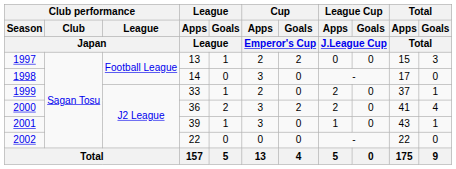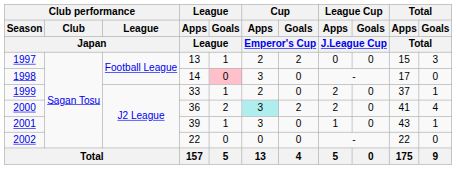 <table class="wikitable" style="text-align:center;">
 <tr>
 <th colspan=3>Club performance</th>
 <th colspan=2>League</th>
 <th colspan=2>Cup</th>
 <th colspan=2>League Cup</th>
 <th colspan=2>Total</th>
 </tr>
 <tr>
 <th>Season</th>
 <th>Club</th>
 <th>League</th>
 <th>Apps</th>
 <th>Goals</th>
 <th>Apps</th>
 <th>Goals</th>
 <th>Apps</th>
 <th>Goals</th>
 <th>Apps</th>
 <th>Goals</th>
 </tr>
 <tr>
 <th colspan=3>Japan</th>
 <th colspan=2>League</th>
 <th colspan=2><a href='#'>Emperor's Cup</a></th>
 <th colspan=2><a href='#'>J.League Cup</a></th>
 <th colspan=2>Total</th>
 </tr>
 <tr>
 <td><a href='#'>1997</a></td>
 <td rowspan="6"><a href='#'>Sagan Tosu</a></td>
 <td rowspan="2"><a href='#'>Football League</a></td>
 <td>13</td>
 <td>1</td>
 <td>2</td>
 <td>2</td>
 <td>0</td>
 <td>0</td>
 <td>15</td>
 <td>3</td>
 </tr>
 <tr>
 <td><a href='#'>1998</a></td>
 <td>14</td>
-<td>0</td>
+<td style="background: pink;">0</td>
 <td>3</td>
 <td>0</td>
 <td colspan="2">-</td>
 <td>17</td>
 <td>0</td>
 </tr>
 <tr>
 <td><a href='#'>1999</a></td>
 <td rowspan="4"><a href='#'>J2 League</a></td>
 <td>33</td>
 <td>1</td>
 <td>2</td>
 <td>0</td>
 <td>2</td>
 <td>0</td>
 <td>37</td>
 <td>1</td>
 </tr>
 <tr>
 <td><a href='#'>2000</a></td>
 <td>36</td>
 <td>2</td>
-<td>3</td>
+<td style="background: paleturquoise;">3</td>
 <td>2</td>
 <td>2</td>
 <td>0</td>
 <td>41</td>
 <td>4</td>
 </tr>
 <tr>
 <td><a href='#'>2001</a></td>
 <td>39</td>
 <td>1</td>
 <td>3</td>
 <td>0</td>
 <td>1</td>
 <td>0</td>
 <td>43</td>
 <td>1</td>
 </tr>
 <tr>
 <td><a href='#'>2002</a></td>
 <td>22</td>
 <td>0</td>
 <td>0</td>
 <td>0</td>
 <td colspan="2">-</td>
 <td>22</td>
 <td>0</td>
 </tr>
 <tr>
 <th colspan=3>Total</th>
 <th>157</th>
 <th>5</th>
 <th>13</th>
 <th>4</th>
 <th>5</th>
 <th>0</th>
 <th>175</th>
 <th>9</th>
 </tr>
 </table>
